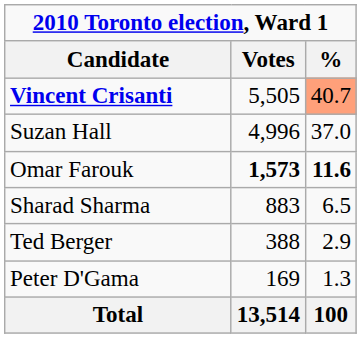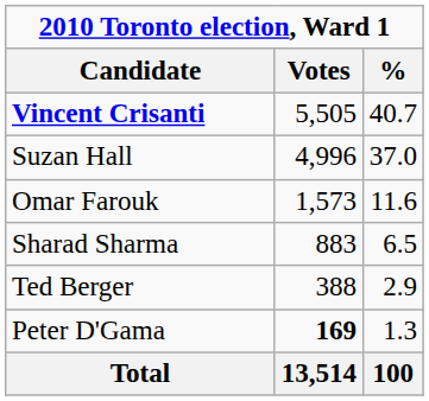 <table class="wikitable">
 <tr>
 <td Colspan="3" align="center"><strong><a href='#'>2010 Toronto election</a>, Ward 1</strong></td>
 </tr>
 <tr>
 <th bgcolor="#DDDDFF" width="150px">Candidate</th>
 <th bgcolor="#DDDDFF">Votes</th>
 <th bgcolor="#DDDDFF">%</th>
 </tr>
 <tr>
 <td><strong><a href='#'>Vincent Crisanti</a></strong></td>
 <td align=right>5,505</td>
-<td align=right style="background: lightsalmon;">40.7</td>
+<td align=right>40.7</td>
 </tr>
 <tr>
 <td>Suzan Hall</td>
 <td align=right>4,996</td>
 <td align=right>37.0</td>
 </tr>
 <tr>
 <td>Omar Farouk</td>
-<td align=right><strong>1,573</strong></td>
-<td align=right><strong>11.6</strong></td>
+<td align=right>1,573</td>
+<td align=right>11.6</td>
 </tr>
 <tr>
 <td>Sharad Sharma</td>
 <td align=right>883</td>
 <td align=right>6.5</td>
 </tr>
 <tr>
 <td>Ted Berger</td>
 <td align=right>388</td>
 <td align=right>2.9</td>
 </tr>
 <tr>
 <td>Peter D'Gama</td>
-<td align=right>169</td>
+<td align=right><strong>169</strong></td>
 <td align=right>1.3</td>
 </tr>
 <tr>
 <th>Total</th>
 <th align=right>13,514</th>
 <th align=right>100</th>
 </tr>
 </table>
